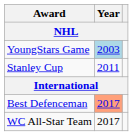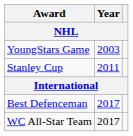 <table class="wikitable">
 <tr>
 <th>Award</th>
 <th>Year</th>
 <th></th>
 </tr>
 <tr>
 <th colspan="3"><a href='#'>NHL</a></th>
 </tr>
 <tr>
 <td><a href='#'>YoungStars Game</a></td>
-<td style="background: lightblue;"><a href='#'>2003</a></td>
+<td><a href='#'>2003</a></td>
 <td></td>
 </tr>
 <tr>
 <td><a href='#'>Stanley Cup</a></td>
 <td><a href='#'>2011</a></td>
 <td></td>
 </tr>
 <tr>
 <th colspan="3"><a href='#'>International</a></th>
 </tr>
 <tr>
 <td><a href='#'>Best Defenceman</a></td>
-<td style="background: lightsalmon;"><a href='#'>2017</a></td>
+<td><a href='#'>2017</a></td>
 <td></td>
 </tr>
 <tr>
 <td><a href='#'>WC</a> All-Star Team</td>
 <td>2017</td>
 <td></td>
 </tr>
 </table>
